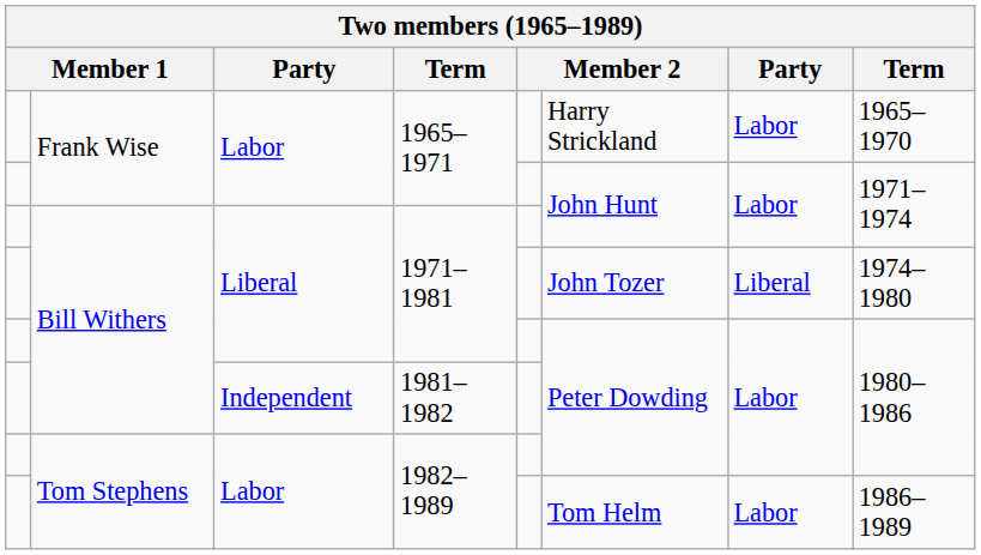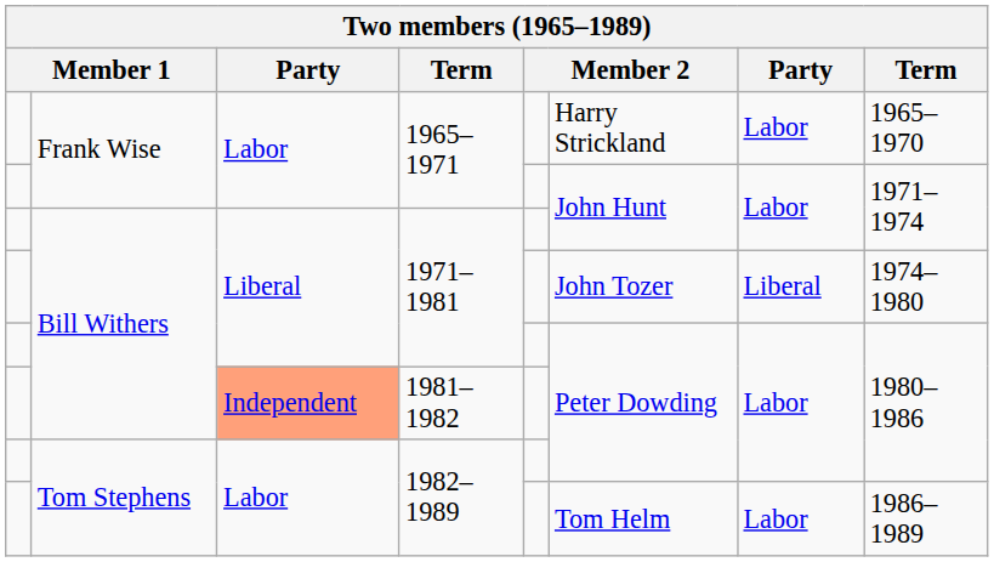 <table class="wikitable" width="66%">
 <tr>
 <th colspan="8">Two members (1965–1989)</th>
 </tr>
 <tr>
 <th colspan="2" width="15%">Member 1</th>
 <th width="9%">Party</th>
 <th width="9%">Term</th>
 <th colspan="2" width="15%">Member 2</th>
 <th width="9%">Party</th>
 <th width="9%">Term</th>
 </tr>
 <tr>
 <td> </td>
 <td rowspan="2">Frank Wise</td>
 <td rowspan="2"><a href='#'>Labor</a></td>
 <td rowspan="2">1965–1971</td>
 <td> </td>
 <td>Harry Strickland</td>
 <td><a href='#'>Labor</a></td>
 <td>1965–1970</td>
 </tr>
 <tr>
 <td> </td>
 <td> </td>
 <td rowspan="2"><a href='#'>John Hunt</a></td>
 <td rowspan="2"><a href='#'>Labor</a></td>
 <td rowspan="2">1971–1974</td>
 </tr>
 <tr>
 <td> </td>
 <td rowspan="4"><a href='#'>Bill Withers</a></td>
 <td rowspan="3"><a href='#'>Liberal</a></td>
 <td rowspan="3">1971–1981</td>
 <td> </td>
 </tr>
 <tr>
 <td> </td>
 <td> </td>
 <td><a href='#'>John Tozer</a></td>
 <td><a href='#'>Liberal</a></td>
 <td>1974–1980</td>
 </tr>
 <tr>
 <td> </td>
 <td> </td>
 <td rowspan="3"><a href='#'>Peter Dowding</a></td>
 <td rowspan="3"><a href='#'>Labor</a></td>
 <td rowspan="3">1980–1986</td>
 </tr>
 <tr>
 <td> </td>
-<td><a href='#'>Independent</a></td>
+<td style="background: lightsalmon;"><a href='#'>Independent</a></td>
 <td>1981–1982</td>
 <td> </td>
 </tr>
 <tr>
 <td> </td>
 <td rowspan="2"><a href='#'>Tom Stephens</a></td>
 <td rowspan="2"><a href='#'>Labor</a></td>
 <td rowspan="2">1982–1989</td>
 <td> </td>
 </tr>
 <tr>
 <td> </td>
 <td> </td>
 <td><a href='#'>Tom Helm</a></td>
 <td><a href='#'>Labor</a></td>
 <td>1986–1989</td>
 </tr>
 </table>
